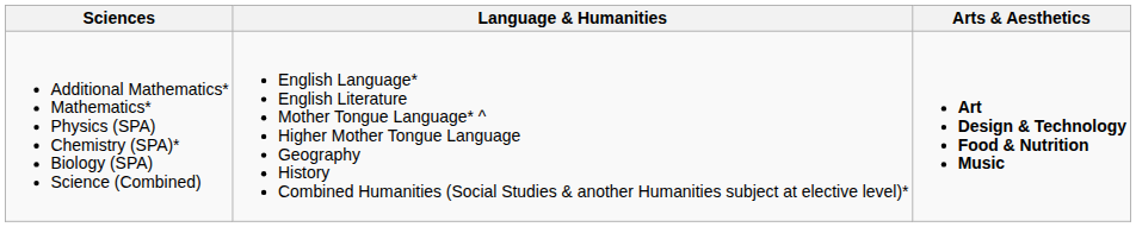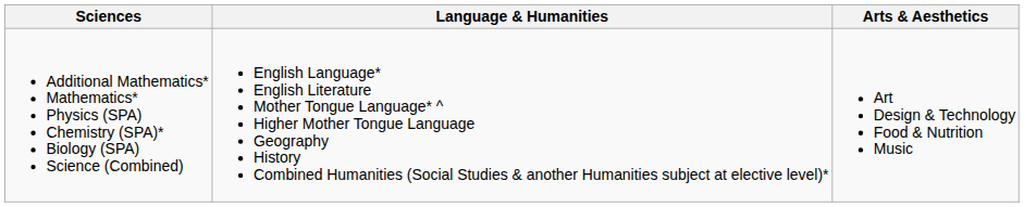 <table class="wikitable">
 <tr>
 <th>Sciences</th>
 <th><strong>Language & Humanities</strong></th>
 <th><strong>Arts & Aesthetics</strong></th>
 </tr>
 <tr>
 <td><br><ul><li>Additional Mathematics*</li><li>Mathematics*</li><li>Physics (SPA)</li><li>Chemistry (SPA)*</li><li>Biology (SPA)</li><li>Science (Combined)</li></ul></td>
 <td><br><ul><li>English Language*</li><li>English Literature</li><li>Mother Tongue Language* ^</li><li>Higher Mother Tongue Language</li><li>Geography</li><li>History</li><li>Combined Humanities (Social Studies & another Humanities subject at elective level)*</li></ul></td>
-<td><strong><br><ul><li>Art</li><li>Design & Technology</li><li>Food & Nutrition</li><li>Music</li></ul></strong></td>
+<td><br><ul><li>Art</li><li>Design & Technology</li><li>Food & Nutrition</li><li>Music</li></ul></td>
 </tr>
 </table>
